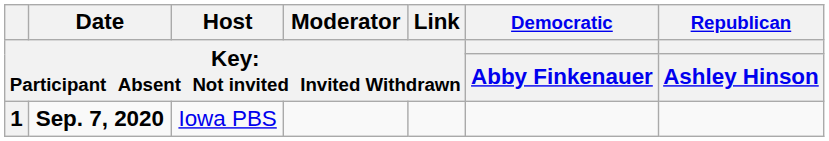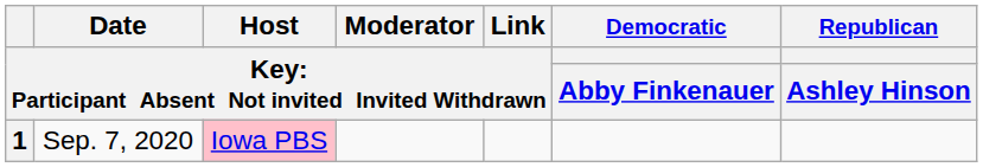 <table class="wikitable" style="text-align:center;">
 <tr>
 <th scope="col"></th>
 <th scope="col">Date</th>
 <th scope="col">Host</th>
 <th scope="col">Moderator</th>
 <th scope="col">Link</th>
 <th scope="col"><small><a href='#'>Democratic</a></small></th>
 <th scope="col"><small><a href='#'>Republican</a></small></th>
 </tr>
 <tr>
 <th colspan="5" rowspan="2">Key:<br> <small>Participant </small>  <small>Absent </small>  <small>Not invited </small>  <small>Invited  Withdrawn</small></th>
 <th scope="col" style="background:"></th>
 <th scope="col" style="background:"></th>
 </tr>
 <tr>
 <th scope="col"><a href='#'>Abby Finkenauer</a></th>
 <th scope="col"><a href='#'>Ashley Hinson</a></th>
 </tr>
 <tr>
 <th>1</th>
-<td style="white-space:nowrap;"><strong>Sep. 7, 2020</strong></td>
-<td style="white-space:nowrap;"><a href='#'>Iowa PBS</a></td>
+<td style="white-space:nowrap;">Sep. 7, 2020</td>
+<td style="background: pink; white-space:nowrap;"><a href='#'>Iowa PBS</a></td>
 <td style="white-space:nowrap;"></td>
 <td style="white-space:nowrap;"></td>
 <td></td>
 <td></td>
 </tr>
 </table>
